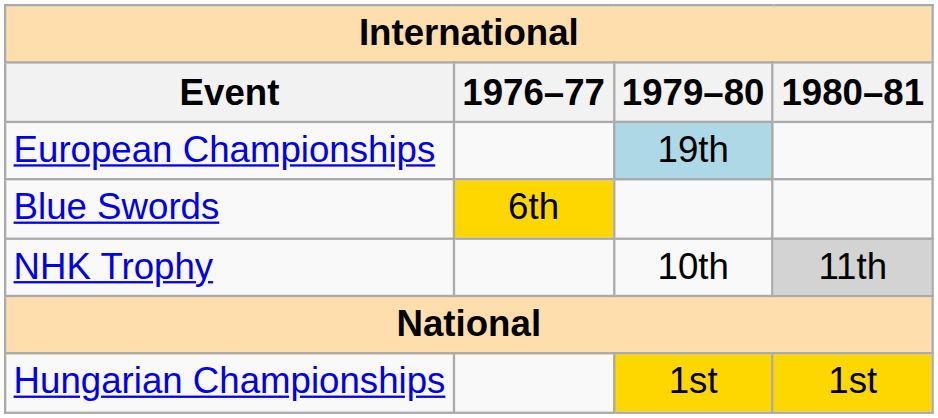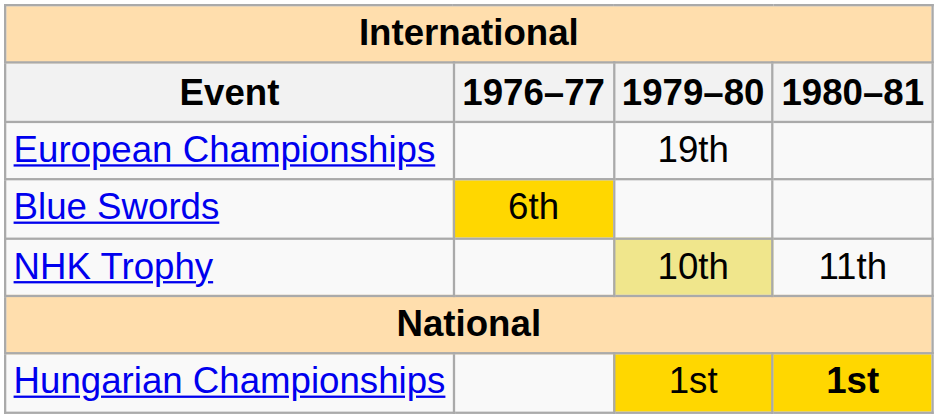 <table class="wikitable" style="text-align:center">
 <tr>
 <th style="background-color: #ffdead; " colspan=4 align=center>International</th>
 </tr>
 <tr>
 <th>Event</th>
 <th>1976–77</th>
 <th>1979–80</th>
 <th>1980–81</th>
 </tr>
 <tr>
 <td align=left><a href='#'>European Championships</a></td>
 <td></td>
-<td style="background: lightblue;">19th</td>
+<td>19th</td>
 <td></td>
 </tr>
 <tr>
 <td align=left><a href='#'>Blue Swords</a></td>
 <td style="background: gold;">6th</td>
 <td></td>
 <td></td>
 </tr>
 <tr>
 <td align=left><a href='#'>NHK Trophy</a></td>
 <td></td>
-<td>10th</td>
-<td style="background: lightgrey;">11th</td>
+<td style="background: khaki;">10th</td>
+<td>11th</td>
 </tr>
 <tr>
 <th style="background-color: #ffdead; " colspan=4 align=center>National</th>
 </tr>
 <tr>
 <td align=left><a href='#'>Hungarian Championships</a></td>
 <td></td>
 <td bgcolor=gold>1st</td>
-<td bgcolor=gold>1st</td>
+<td bgcolor=gold><strong>1st</strong></td>
 </tr>
 </table>
